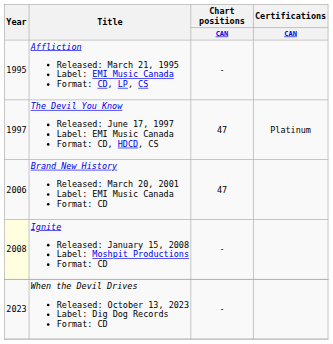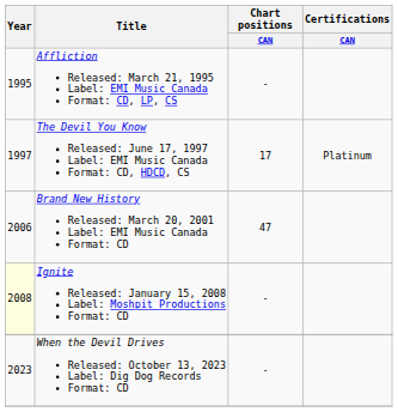 <table class="wikitable">
 <tr>
 <th rowspan="2">Year</th>
 <th rowspan="2">Title</th>
 <th colspan="1">Chart positions</th>
 <th colspan="1">Certifications</th>
 </tr>
 <tr style="font-size: smaller;">
 <th width="90"><a href='#'>CAN</a><br></th>
 <th width="90"><a href='#'>CAN</a><br></th>
 </tr>
 <tr>
 <td>1995</td>
 <td><em><a href='#'>Affliction</a></em><br><ul><li>Released: March 21, 1995</li><li>Label: <a href='#'>EMI Music Canada</a></li><li>Format: <a href='#'>CD</a>, <a href='#'>LP</a>, <a href='#'>CS</a></li></ul></td>
 <td align="center">-</td>
 <td align="center"></td>
 </tr>
 <tr>
 <td>1997</td>
 <td><em><a href='#'>The Devil You Know</a></em><br><ul><li>Released: June 17, 1997</li><li>Label: EMI Music Canada</li><li>Format: CD, <a href='#'>HDCD</a>, CS</li></ul></td>
-<td align="center">47</td>
+<td align="center">17</td>
 <td align="center">Platinum</td>
 </tr>
 <tr>
 <td>2006</td>
 <td><em><a href='#'>Brand New History</a></em><br><ul><li>Released: March 20, 2001</li><li>Label: EMI Music Canada</li><li>Format: CD</li></ul></td>
 <td align="center">47</td>
 <td align="center"></td>
 </tr>
 <tr>
 <td style="background: lightyellow;">2008</td>
 <td><em><a href='#'>Ignite</a></em><br><ul><li>Released: January 15, 2008</li><li>Label: <a href='#'>Moshpit Productions</a></li><li>Format: CD</li></ul></td>
 <td align="center">-</td>
 <td align="center"></td>
 </tr>
 <tr>
 </tr>
 <tr>
 <td>2023</td>
 <td><em>When the Devil Drives</em><br><ul><li>Released: October 13, 2023</li><li>Label: Dig Dog Records</li><li>Format: CD</li></ul></td>
 <td align="center">-</td>
 <td align="center"></td>
 </tr>
 <tr>
 </tr>
 </table>
